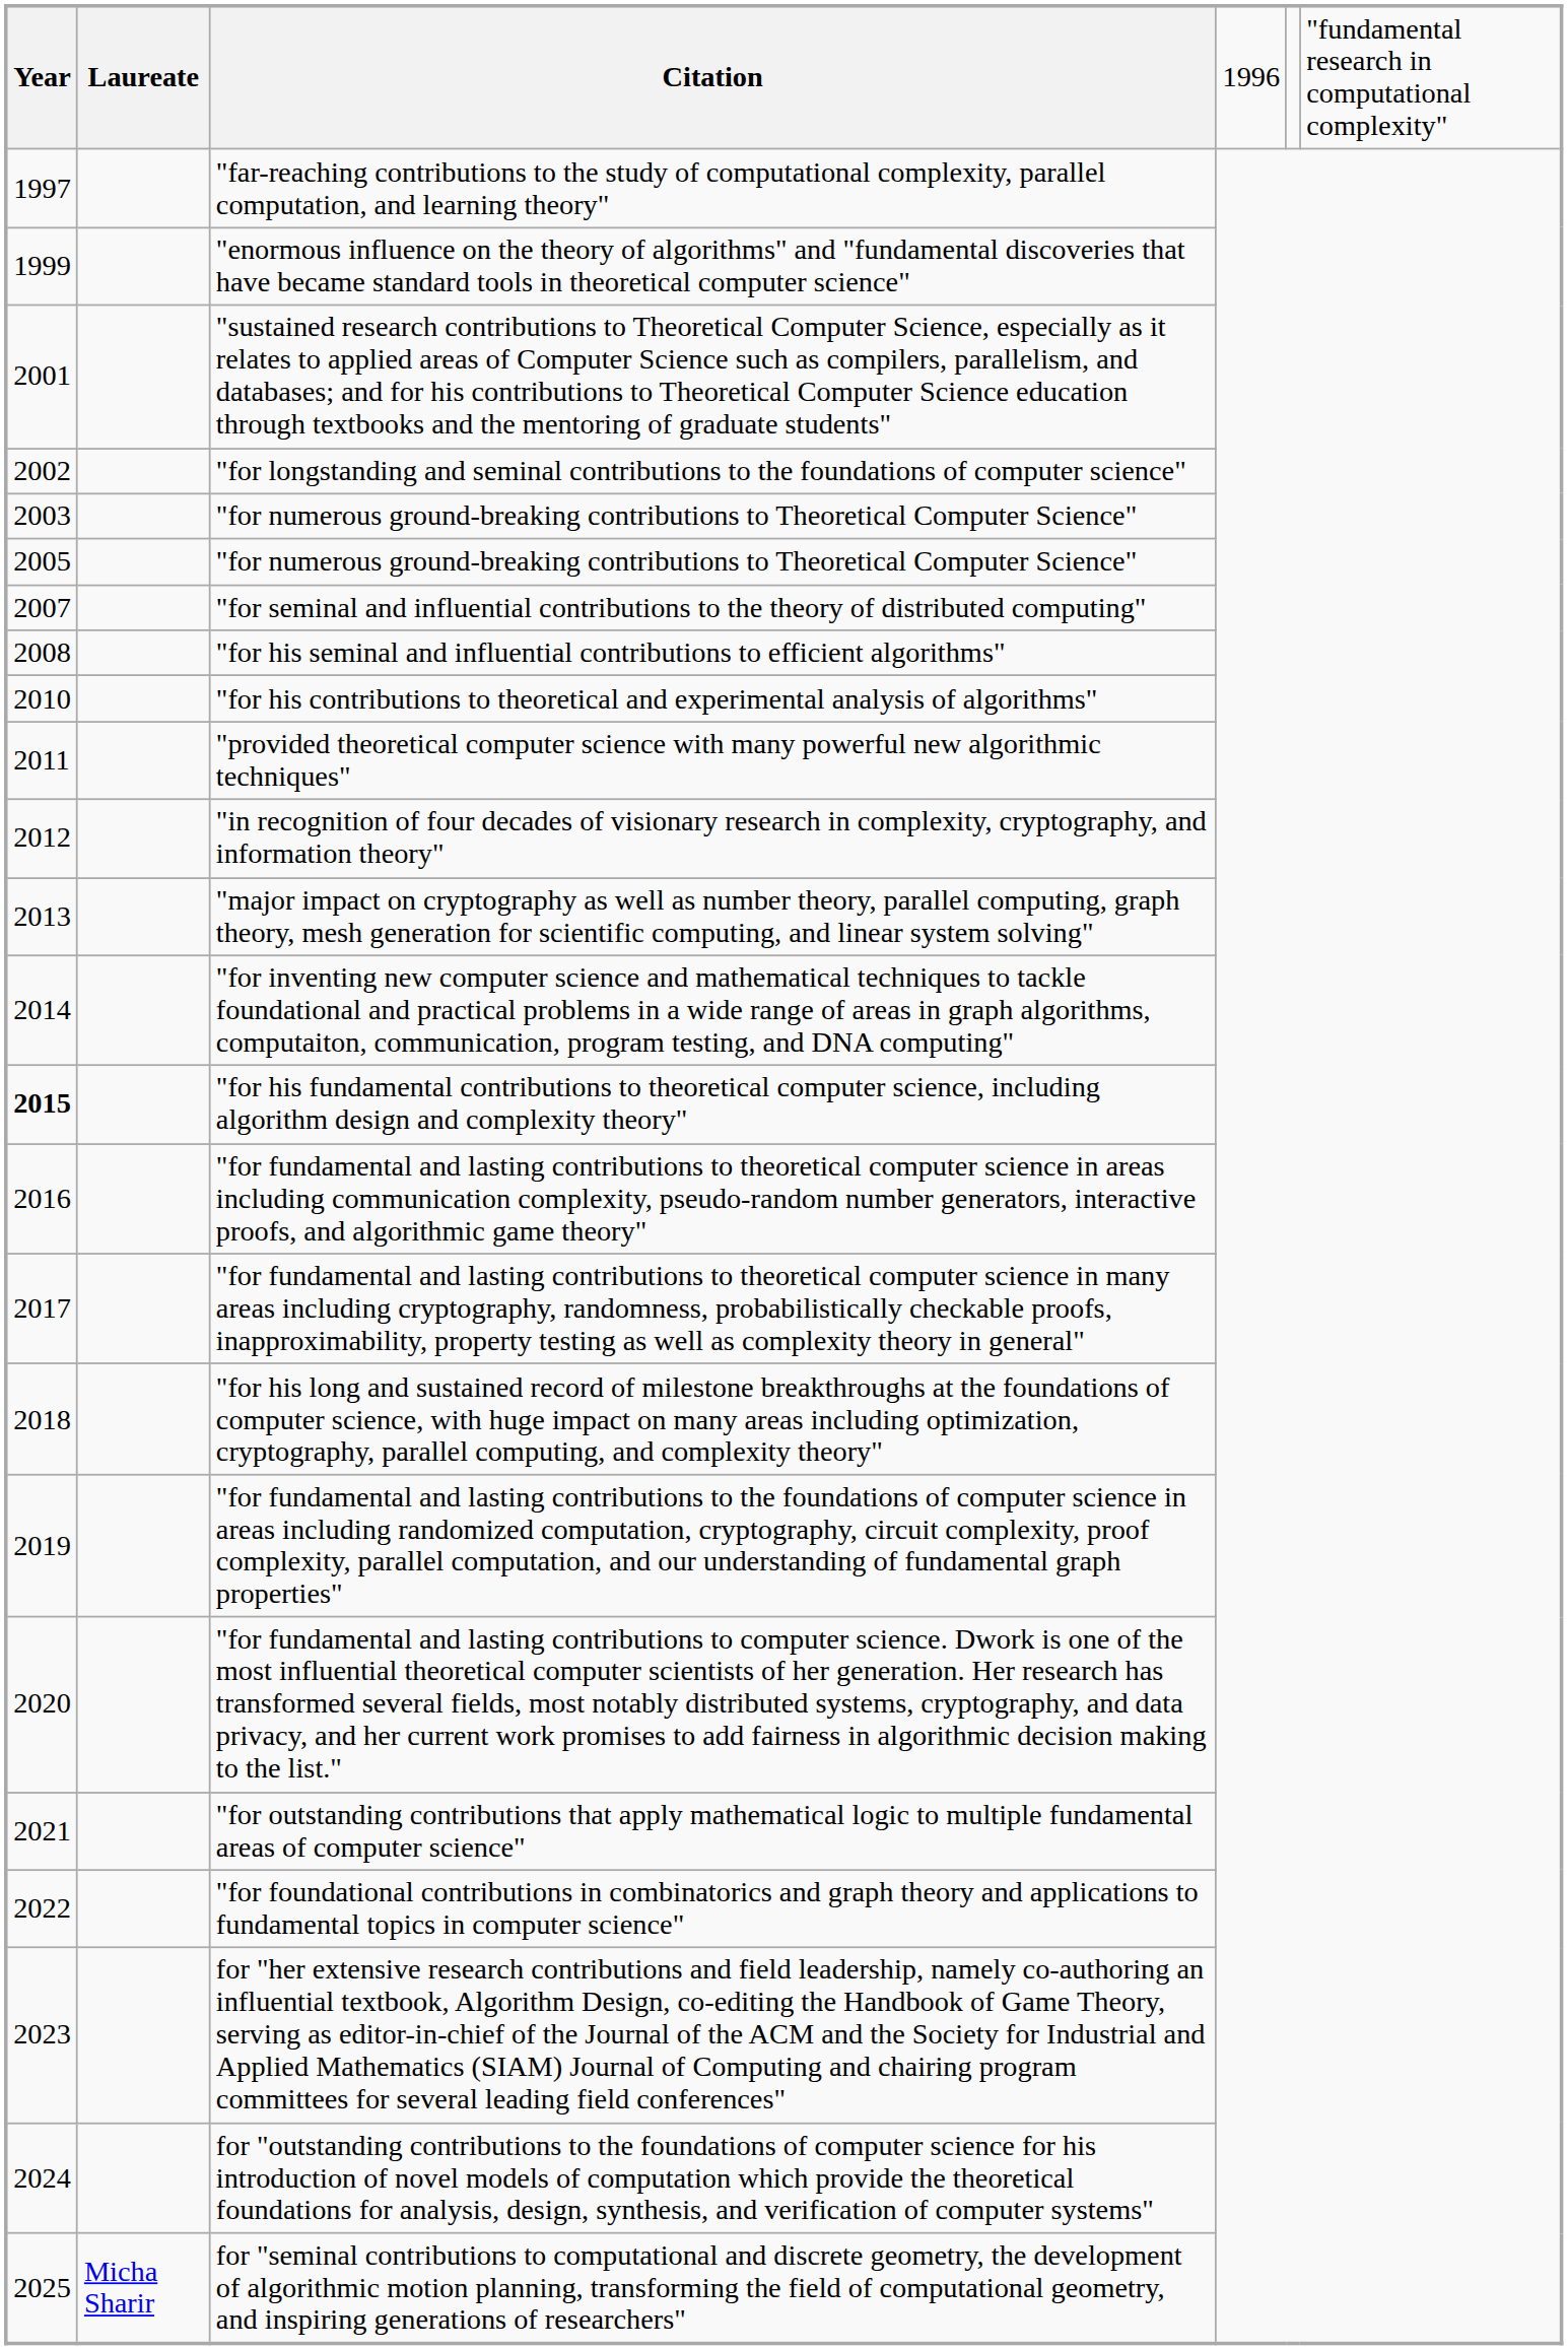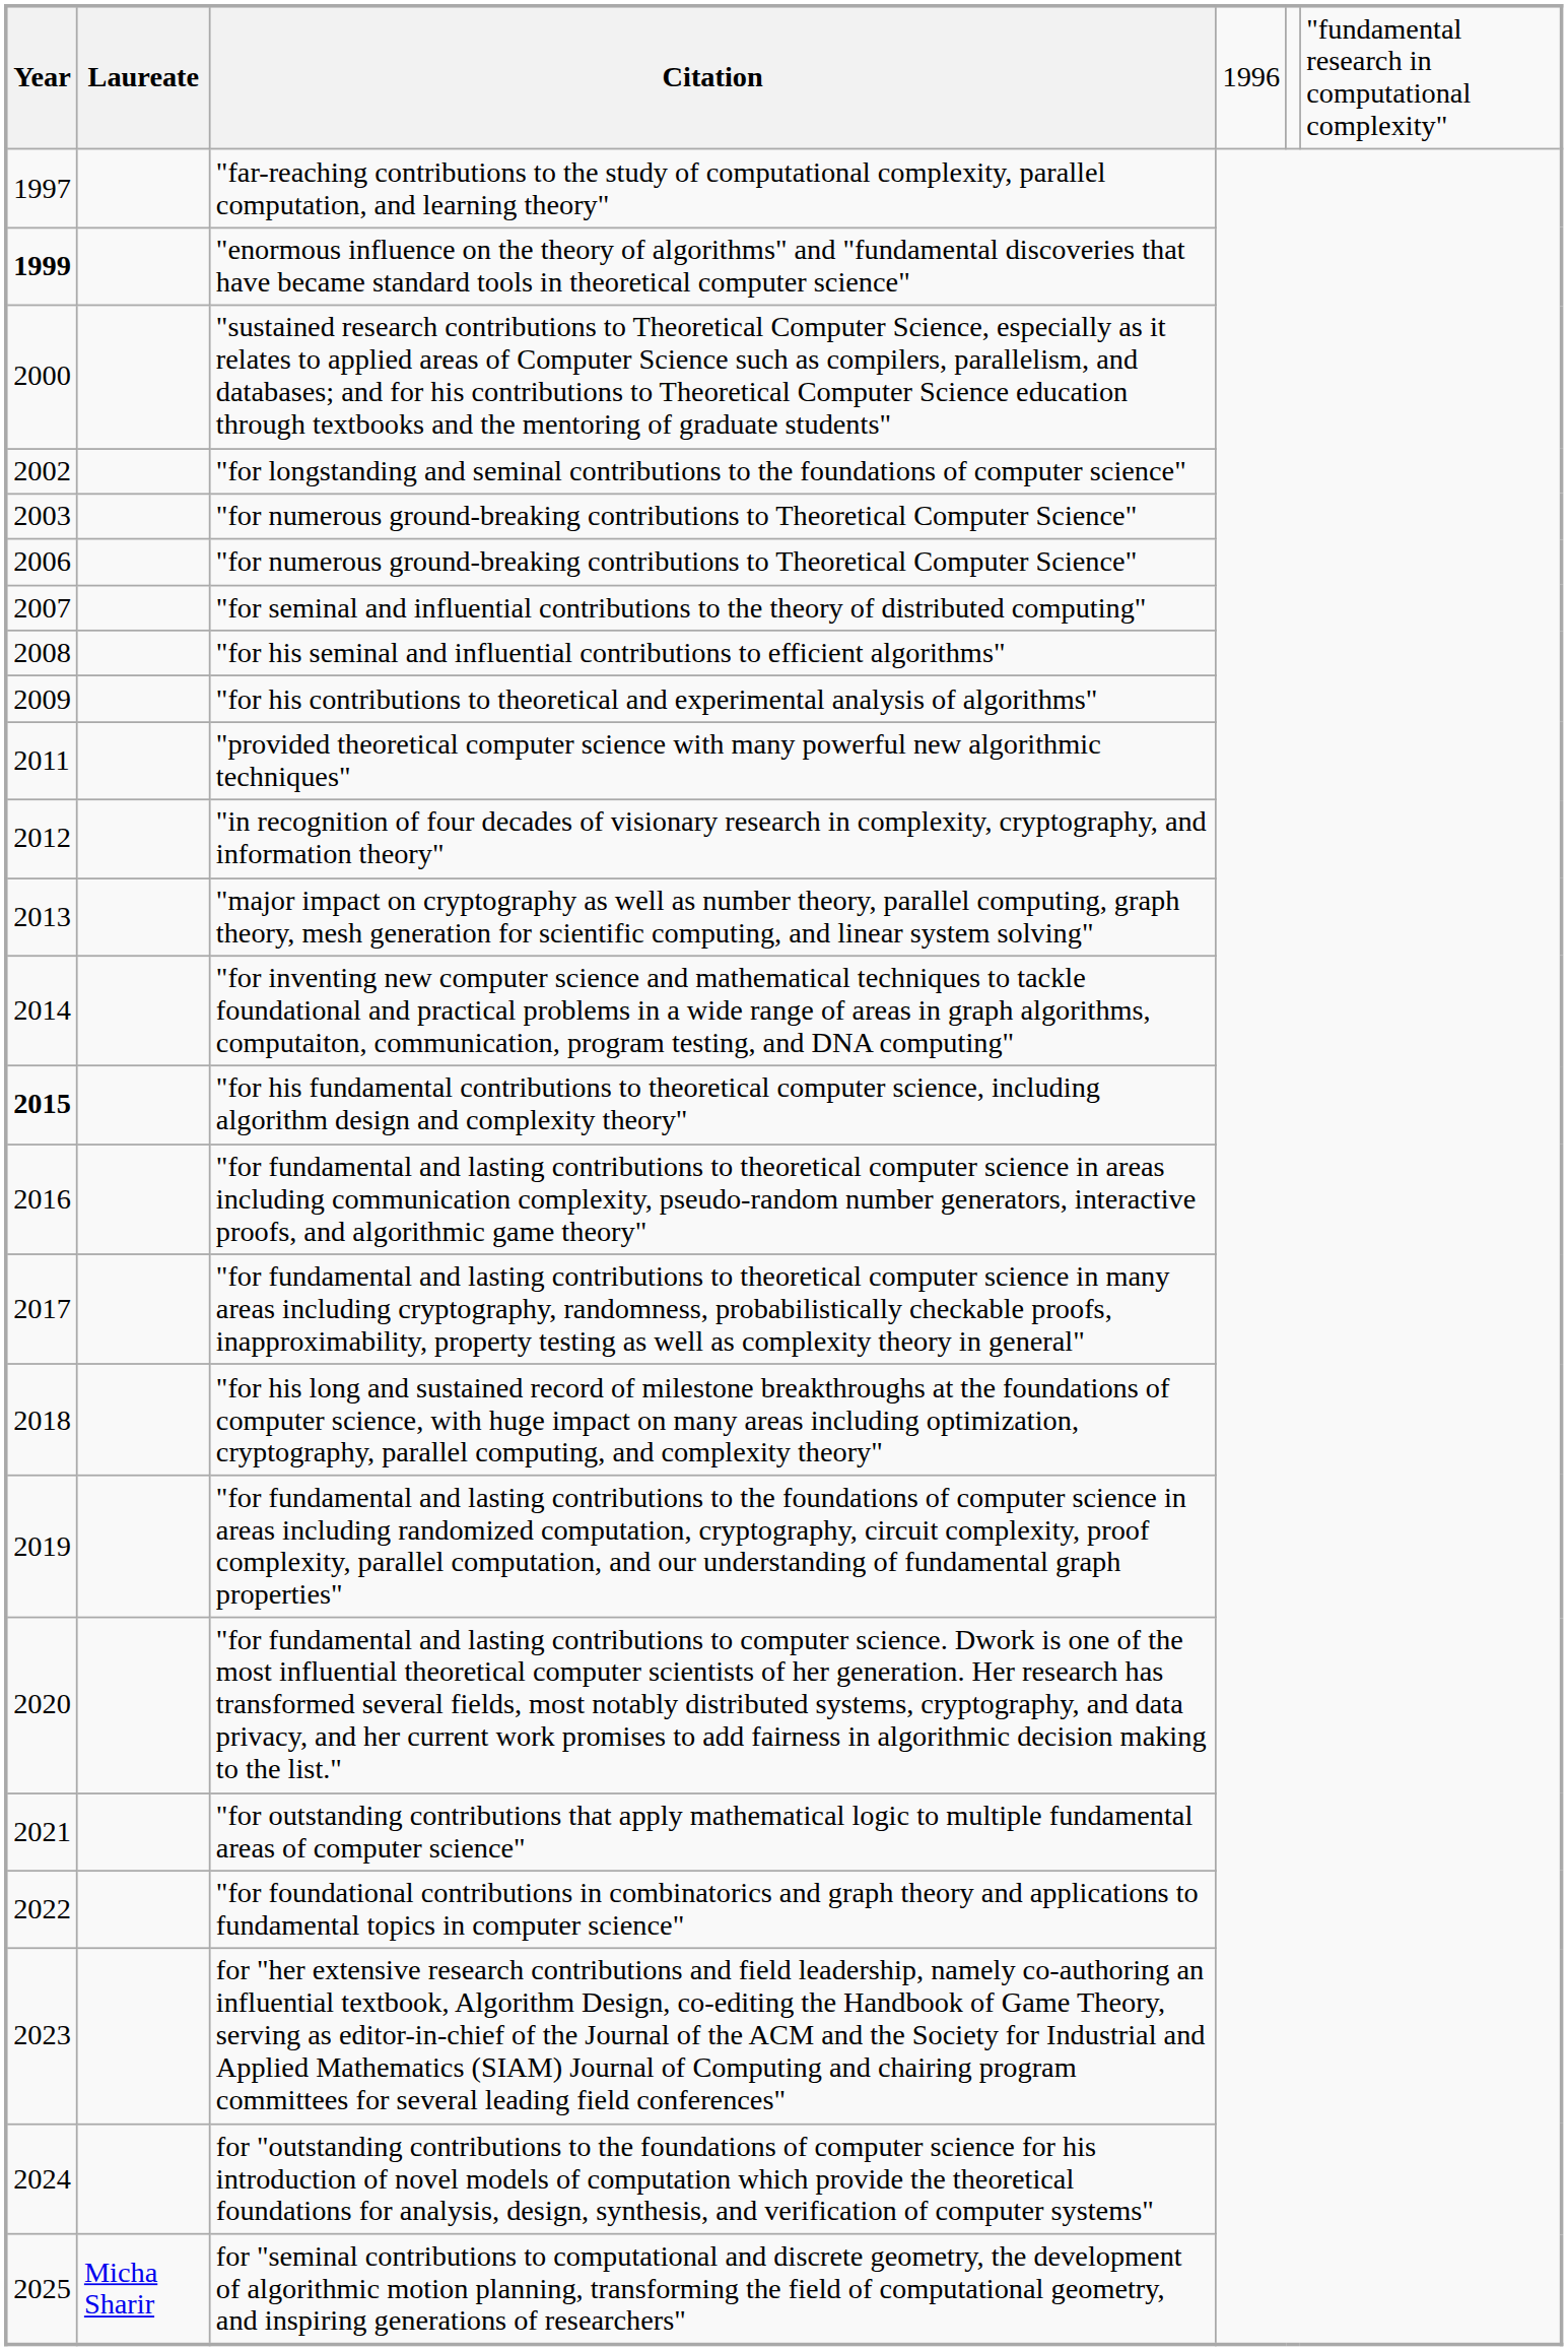 <table class="wikitable sortable" style="border:2px solid darkgrey;">
 <tr>
 <th>Year</th>
 <th>Laureate</th>
 <th>Citation<br></th>
 <td>1996</td>
 <td></td>
 <td>"fundamental research in computational complexity"</td>
 </tr>
 <tr>
 <td>1997</td>
 <td></td>
 <td>"far-reaching contributions to the study of computational complexity, parallel computation, and learning theory"</td>
 </tr>
 <tr>
-<td>1999</td>
+<td><strong>1999</strong></td>
 <td></td>
 <td>"enormous influence on the theory of algorithms" and "fundamental discoveries that have became standard tools in theoretical computer science"</td>
 </tr>
 <tr>
-<td>2001</td>
+<td>2000</td>
 <td></td>
 <td>"sustained research contributions to Theoretical Computer Science, especially as it relates to applied areas of Computer Science such as compilers, parallelism, and databases; and for his contributions to Theoretical Computer Science education through textbooks and the mentoring of graduate students"</td>
 </tr>
 <tr>
 <td>2002</td>
 <td></td>
 <td>"for longstanding and seminal contributions to the foundations of computer science"</td>
 </tr>
 <tr>
 <td>2003</td>
 <td></td>
 <td>"for numerous ground-breaking contributions to Theoretical Computer Science"</td>
 </tr>
 <tr>
-<td>2005</td>
+<td>2006</td>
 <td></td>
 <td>"for numerous ground-breaking contributions to Theoretical Computer Science"</td>
 </tr>
 <tr>
 <td>2007</td>
 <td></td>
 <td>"for seminal and influential contributions to the theory of distributed computing"</td>
 </tr>
 <tr>
 <td>2008</td>
 <td></td>
 <td>"for his seminal and influential contributions to efficient algorithms"</td>
 </tr>
 <tr>
-<td>2010</td>
+<td>2009</td>
 <td></td>
 <td>"for his contributions to theoretical and experimental analysis of algorithms"</td>
 </tr>
 <tr>
 <td>2011</td>
 <td></td>
 <td>"provided theoretical computer science with many powerful new algorithmic techniques"</td>
 </tr>
 <tr>
 <td>2012</td>
 <td></td>
 <td>"in recognition of four decades of visionary research in complexity, cryptography, and information theory"</td>
 </tr>
 <tr>
 <td>2013</td>
 <td></td>
 <td>"major impact on cryptography as well as number theory, parallel computing, graph theory, mesh generation for scientific computing, and linear system solving"</td>
 </tr>
 <tr>
 <td>2014</td>
 <td></td>
 <td>"for inventing new computer science and mathematical techniques to tackle foundational and practical problems in a wide range of areas in graph algorithms, computaiton, communication, program testing, and DNA computing"</td>
 </tr>
 <tr>
 <td><strong>2015</strong></td>
 <td></td>
 <td>"for his fundamental contributions to theoretical computer science, including algorithm design and complexity theory"</td>
 </tr>
 <tr>
 <td>2016</td>
 <td></td>
 <td>"for fundamental and lasting contributions to theoretical computer science in areas including communication complexity, pseudo-random number generators, interactive proofs, and algorithmic game theory"</td>
 </tr>
 <tr>
 <td>2017</td>
 <td></td>
 <td>"for fundamental and lasting contributions to theoretical computer science in many areas including cryptography, randomness, probabilistically checkable proofs, inapproximability, property testing as well as complexity theory in general"</td>
 </tr>
 <tr>
 <td>2018</td>
 <td></td>
 <td>"for his long and sustained record of milestone breakthroughs at the foundations of computer science, with huge impact on many areas including optimization, cryptography, parallel computing, and complexity theory"</td>
 </tr>
 <tr>
 <td>2019</td>
 <td></td>
 <td>"for fundamental and lasting contributions to the foundations of computer science in areas including randomized computation, cryptography, circuit complexity, proof complexity, parallel computation, and our understanding of fundamental graph properties"</td>
 </tr>
 <tr>
 <td>2020</td>
 <td></td>
 <td>"for fundamental and lasting contributions to computer science. Dwork is one of the most influential theoretical computer scientists of her generation. Her research has transformed several fields, most notably distributed systems, cryptography, and data privacy, and her current work promises to add fairness in algorithmic decision making to the list."</td>
 </tr>
 <tr>
 <td>2021</td>
 <td></td>
 <td>"for outstanding contributions that apply mathematical logic to multiple fundamental areas of computer science"</td>
 </tr>
 <tr>
 <td>2022</td>
 <td></td>
 <td>"for foundational contributions in combinatorics and graph theory and applications to fundamental topics in computer science"</td>
 </tr>
 <tr>
 <td>2023</td>
 <td></td>
 <td>for "her extensive research contributions and field leadership, namely co-authoring an influential textbook, Algorithm Design, co-editing the Handbook of Game Theory, serving as editor-in-chief of the Journal of the ACM and the Society for Industrial and Applied Mathematics (SIAM) Journal of Computing and chairing program committees for several leading field conferences"</td>
 </tr>
 <tr>
 <td>2024</td>
 <td></td>
 <td>for "outstanding contributions to the foundations of computer science for his introduction of novel models of computation which provide the theoretical foundations for analysis, design, synthesis, and verification of computer systems"</td>
 </tr>
 <tr>
 <td>2025</td>
 <td><a href='#'>Micha Sharir</a></td>
 <td>for "seminal contributions to computational and discrete geometry, the development of algorithmic motion planning, transforming the field of computational geometry, and inspiring generations of researchers"</td>
 </tr>
 </table>
